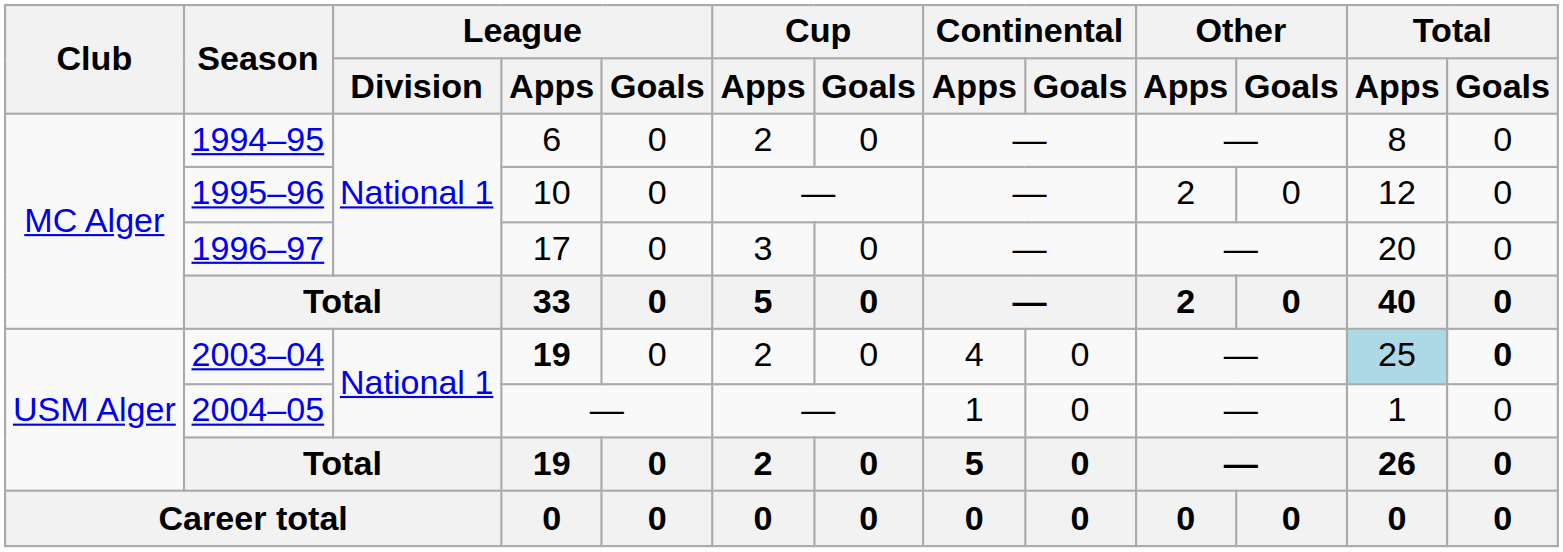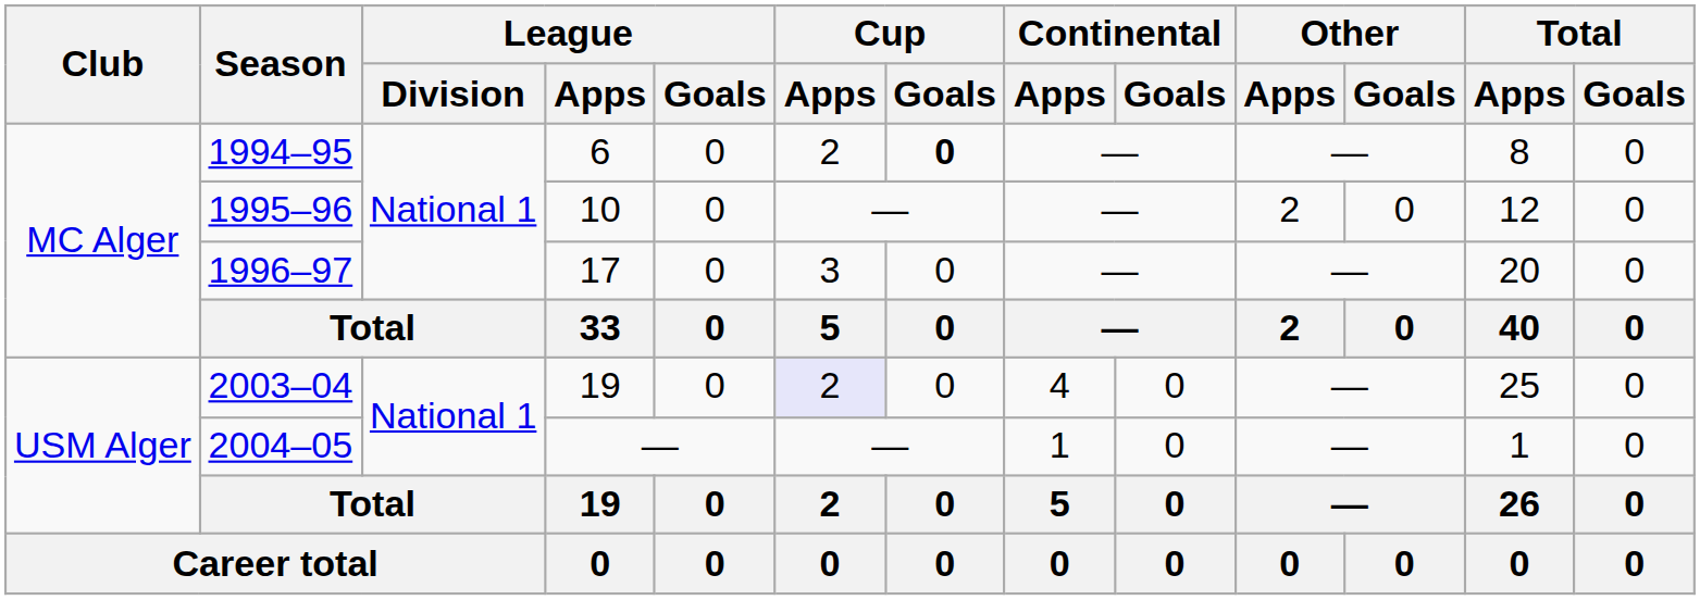 <table class="wikitable" style="text-align: center">
 <tr>
 <th rowspan="2">Club</th>
 <th rowspan="2">Season</th>
 <th colspan="3">League</th>
 <th colspan="2">Cup</th>
 <th colspan="2">Continental</th>
 <th colspan="2">Other</th>
 <th colspan="2">Total</th>
 </tr>
 <tr>
 <th>Division</th>
 <th>Apps</th>
 <th>Goals</th>
 <th>Apps</th>
 <th>Goals</th>
 <th>Apps</th>
 <th>Goals</th>
 <th>Apps</th>
 <th>Goals</th>
 <th>Apps</th>
 <th>Goals</th>
 </tr>
 <tr>
 <td rowspan="4" valign="center"><a href='#'>MC Alger</a></td>
 <td><a href='#'>1994–95</a></td>
 <td rowspan=3><a href='#'>National 1</a></td>
 <td>6</td>
 <td>0</td>
 <td>2</td>
-<td>0</td>
+<td><strong>0</strong></td>
 <td colspan=2>—</td>
 <td colspan=2>—</td>
 <td>8</td>
 <td>0</td>
 </tr>
 <tr>
 <td><a href='#'>1995–96</a></td>
 <td>10</td>
 <td>0</td>
 <td colspan=2>—</td>
 <td colspan=2>—</td>
 <td>2</td>
 <td>0</td>
 <td>12</td>
 <td>0</td>
 </tr>
 <tr>
 <td><a href='#'>1996–97</a></td>
 <td>17</td>
 <td>0</td>
 <td>3</td>
 <td>0</td>
 <td colspan=2>—</td>
 <td colspan=2>—</td>
 <td>20</td>
 <td>0</td>
 </tr>
 <tr>
 <th colspan="2">Total</th>
 <th>33</th>
 <th>0</th>
 <th>5</th>
 <th>0</th>
 <th colspan=2>—</th>
 <th>2</th>
 <th>0</th>
 <th>40</th>
 <th>0</th>
 </tr>
 <tr>
 <td rowspan="3" valign="center"><a href='#'>USM Alger</a></td>
 <td><a href='#'>2003–04</a></td>
 <td rowspan=2><a href='#'>National 1</a></td>
-<td><strong>19</strong></td>
+<td>19</td>
 <td>0</td>
-<td>2</td>
+<td style="background: lavender;">2</td>
 <td>0</td>
 <td>4</td>
 <td>0</td>
 <td colspan=2>—</td>
-<td style="background: lightblue;">25</td>
-<td><strong>0</strong></td>
+<td>25</td>
+<td>0</td>
 </tr>
 <tr>
 <td><a href='#'>2004–05</a></td>
 <td colspan=2>—</td>
 <td colspan=2>—</td>
 <td>1</td>
 <td>0</td>
 <td colspan=2>—</td>
 <td>1</td>
 <td>0</td>
 </tr>
 <tr>
 <th colspan="2">Total</th>
 <th>19</th>
 <th>0</th>
 <th>2</th>
 <th>0</th>
 <th>5</th>
 <th>0</th>
 <th colspan=2>—</th>
 <th>26</th>
 <th>0</th>
 </tr>
 <tr>
 <th colspan="3">Career total</th>
 <th>0</th>
 <th>0</th>
 <th>0</th>
 <th>0</th>
 <th>0</th>
 <th>0</th>
 <th>0</th>
 <th>0</th>
 <th>0</th>
 <th>0</th>
 </tr>
 </table>
